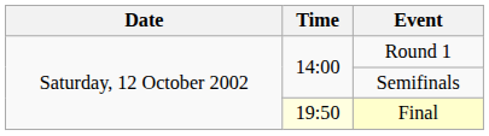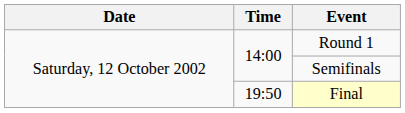 <table class = "wikitable" style="text-align:center;">
 <tr>
 <th width=220>Date</th>
 <th width=50>Time</th>
 <th width=100>Event</th>
 </tr>
 <tr>
 <td rowspan=3>Saturday, 12 October 2002</td>
 <td rowspan=2>14:00</td>
 <td>Round 1</td>
 </tr>
 <tr>
 <td>Semifinals</td>
 </tr>
 <tr>
-<td style="background: lightyellow;">19:50</td>
+<td>19:50</td>
 <td bgcolor=ffffcc>Final</td>
 </tr>
 </table>
